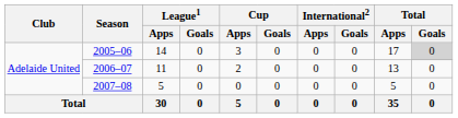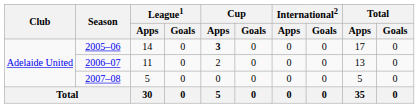 <table class="wikitable" style="text-align: center;">
 <tr>
 <th rowspan="2">Club</th>
 <th rowspan="2" width="80">Season</th>
 <th colspan="2" width="105">League<sup>1</sup></th>
 <th colspan="2" width="105">Cup</th>
 <th colspan="2" width="105">International<sup>2</sup></th>
 <th colspan="2" width="105">Total</th>
 </tr>
 <tr>
 <th>Apps</th>
 <th>Goals</th>
 <th>Apps</th>
 <th>Goals</th>
 <th>Apps</th>
 <th>Goals</th>
 <th>Apps</th>
 <th>Goals</th>
 </tr>
 <tr>
 <td rowspan="3" valign="center"><a href='#'>Adelaide United</a></td>
 <td><a href='#'>2005–06</a></td>
 <td>14</td>
 <td>0</td>
-<td>3</td>
+<td><strong>3</strong></td>
 <td>0</td>
 <td>0</td>
 <td>0</td>
 <td>17</td>
-<td style="background: lightgrey;">0</td>
+<td>0</td>
 </tr>
 <tr>
 <td><a href='#'>2006–07</a></td>
 <td>11</td>
 <td>0</td>
 <td>2</td>
 <td>0</td>
 <td>0</td>
 <td>0</td>
 <td>13</td>
 <td>0</td>
 </tr>
 <tr>
 <td><a href='#'>2007–08</a></td>
 <td>5</td>
 <td>0</td>
 <td>0</td>
 <td>0</td>
 <td>0</td>
 <td>0</td>
 <td>5</td>
 <td>0</td>
 </tr>
 <tr>
 <th colspan="2">Total</th>
 <th>30</th>
 <th>0</th>
 <th>5</th>
 <th>0</th>
 <th>0</th>
 <th>0</th>
 <th>35</th>
 <th>0</th>
 </tr>
 </table>
